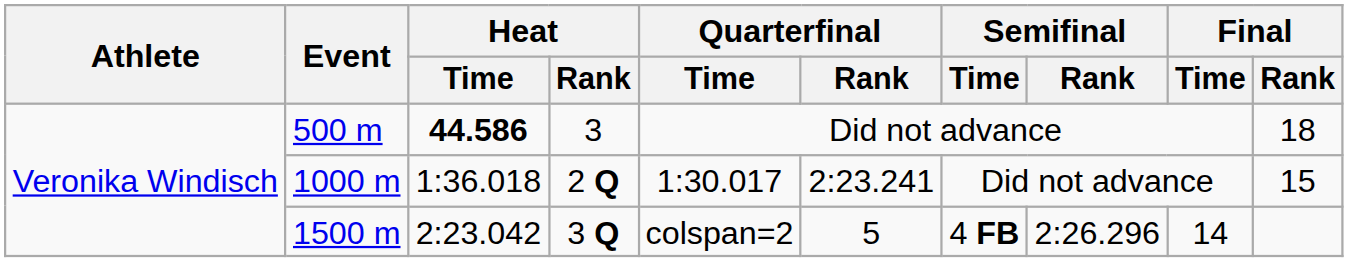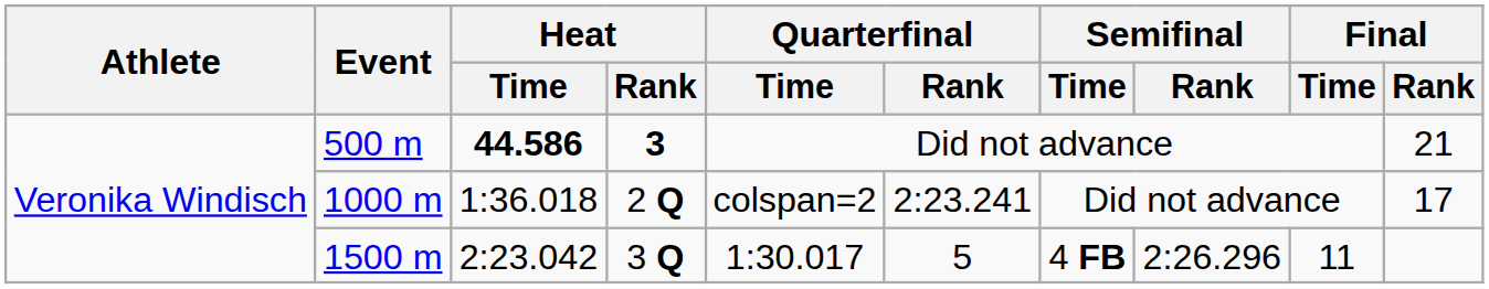 <table class="wikitable" style="font-size:90%">
 <tr>
 <th rowspan=2>Athlete</th>
 <th rowspan=2>Event</th>
 <th colspan=2>Heat</th>
 <th colspan=2>Quarterfinal</th>
 <th colspan=2>Semifinal</th>
 <th colspan=2>Final</th>
 </tr>
 <tr style="font-size:95%">
 <th>Time</th>
 <th>Rank</th>
 <th>Time</th>
 <th>Rank</th>
 <th>Time</th>
 <th>Rank</th>
 <th>Time</th>
 <th>Rank</th>
 </tr>
 <tr align=center>
 <td align=left rowspan=3><a href='#'>Veronika Windisch</a></td>
 <td align=left><a href='#'>500 m</a></td>
 <td><strong>44.586</strong></td>
-<td>3</td>
+<td><strong>3</strong></td>
 <td colspan=5>Did not advance</td>
-<td>18</td>
+<td>21</td>
 </tr>
 <tr align=center>
 <td align=left><a href='#'>1000 m</a></td>
 <td>1:36.018</td>
 <td>2 <strong>Q</strong></td>
-<td>1:30.017</td>
+<td>colspan=2 </td>
 <td>2:23.241</td>
 <td colspan=3>Did not advance</td>
-<td>15</td>
+<td>17</td>
 </tr>
 <tr align=center>
 <td align=left><a href='#'>1500 m</a></td>
 <td>2:23.042</td>
 <td>3 <strong>Q</strong></td>
-<td>colspan=2 </td>
+<td>1:30.017</td>
 <td>5</td>
 <td>4 <strong>FB</strong></td>
 <td>2:26.296</td>
-<td>14</td>
+<td>11</td>
 </tr>
 </table>
